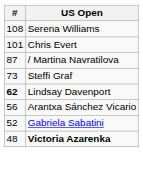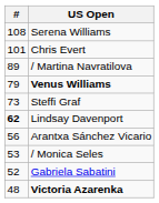 <table class="wikitable" style="display:inline-table;">
 <tr>
 <th>#</th>
 <th>US Open</th>
 </tr>
 <tr>
 <td>108</td>
 <td> Serena Williams</td>
 </tr>
 <tr>
 <td>101</td>
 <td> Chris Evert</td>
 </tr>
 <tr>
-<td>87</td>
+<td>89</td>
 <td>/ Martina Navratilova</td>
+</tr>
+<tr>
+<td>79</td>
+<td> <strong>Venus Williams</strong></td>
 </tr>
 <tr>
 <td>73</td>
 <td> Steffi Graf</td>
 </tr>
 <tr>
 <td><strong>62</strong></td>
 <td> Lindsay Davenport</td>
 </tr>
 <tr>
 <td>56</td>
 <td> Arantxa Sánchez Vicario</td>
 </tr>
 <tr>
+<td>53</td>
+<td>/ Monica Seles</td>
+</tr>
+<tr>
 <td>52</td>
 <td> <a href='#'>Gabriela Sabatini</a></td>
 </tr>
 <tr>
 <td>48</td>
 <td> <strong>Victoria Azarenka</strong></td>
 </tr>
 </table>
